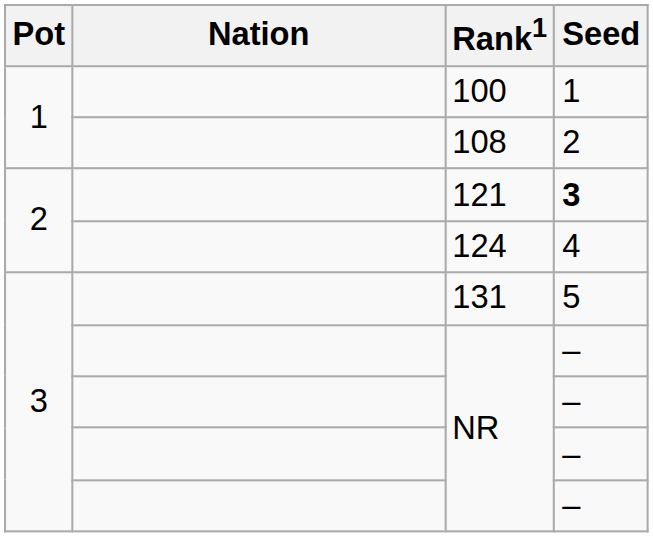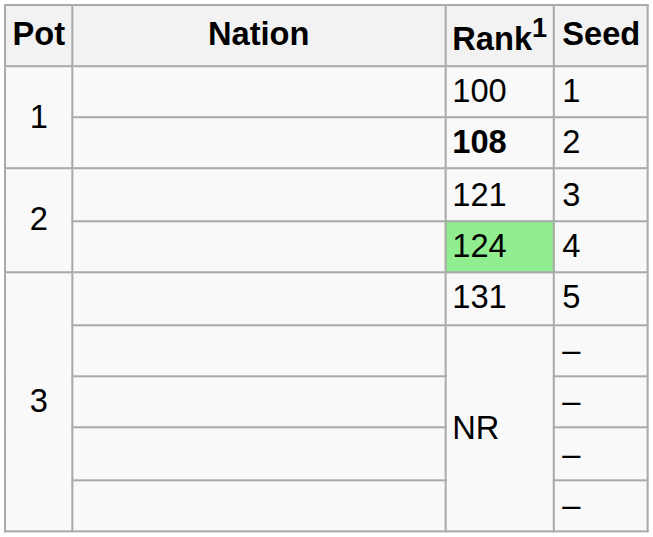 <table class="wikitable">
 <tr>
 <th>Pot</th>
 <th width="175">Nation</th>
 <th>Rank<sup>1</sup></th>
 <th>Seed</th>
 </tr>
 <tr>
 <td rowspan=2 style="text-align:center;">1</td>
 <td></td>
 <td>100</td>
 <td>1</td>
 </tr>
 <tr>
 <td></td>
-<td>108</td>
+<td><strong>108</strong></td>
 <td>2</td>
 </tr>
 <tr>
 <td rowspan=2 style="text-align:center;">2</td>
 <td></td>
 <td>121</td>
-<td><strong>3</strong></td>
+<td>3</td>
 </tr>
 <tr>
 <td></td>
-<td>124</td>
+<td style="background: lightgreen;">124</td>
 <td>4</td>
 </tr>
 <tr>
 <td rowspan=5 style="text-align:center;">3</td>
 <td></td>
 <td>131</td>
 <td>5</td>
 </tr>
 <tr>
 <td></td>
 <td rowspan=4>NR</td>
 <td>–</td>
 </tr>
 <tr>
 <td></td>
 <td>–</td>
 </tr>
 <tr>
 <td></td>
 <td>–</td>
 </tr>
 <tr>
 <td></td>
 <td>–</td>
 </tr>
 </table>
